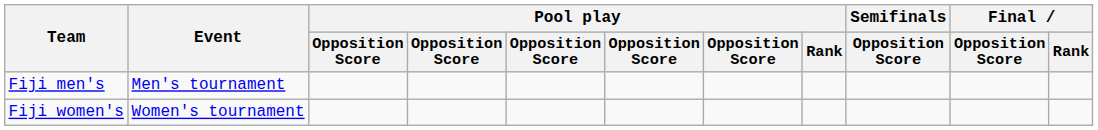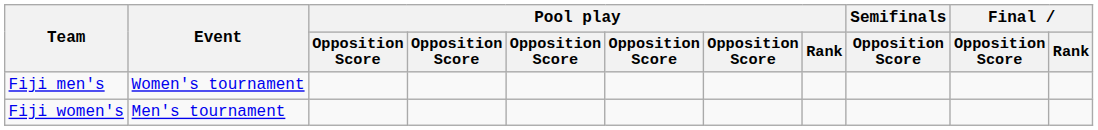 <table class=wikitable style=font-size:90%;text-align:center>
 <tr>
 <th rowspan=2>Team</th>
 <th rowspan=2>Event</th>
 <th colspan=6>Pool play</th>
 <th>Semifinals</th>
 <th colspan=2>Final / </th>
 </tr>
 <tr style=font-size:95%>
 <th>Opposition<br>Score</th>
 <th>Opposition<br>Score</th>
 <th>Opposition<br>Score</th>
 <th>Opposition<br>Score</th>
 <th>Opposition<br>Score</th>
 <th>Rank</th>
 <th>Opposition<br>Score</th>
 <th>Opposition<br>Score</th>
 <th>Rank</th>
 </tr>
 <tr>
 <td align=left><a href='#'>Fiji men's</a></td>
-<td align=left><a href='#'>Men's tournament</a></td>
+<td align=left><a href='#'>Women's tournament</a></td>
 <td><br></td>
 <td><br></td>
 <td><br></td>
 <td><br></td>
 <td><br></td>
 <td></td>
 <td></td>
 <td></td>
 </tr>
 <tr>
 <td align=left><a href='#'>Fiji women's</a></td>
-<td align=left><a href='#'>Women's tournament</a></td>
+<td align=left><a href='#'>Men's tournament</a></td>
 <td><br></td>
 <td><br></td>
 <td><br></td>
 <td><br></td>
 <td></td>
 <td></td>
 <td></td>
 <td></td>
 <td></td>
 </tr>
 </table>
